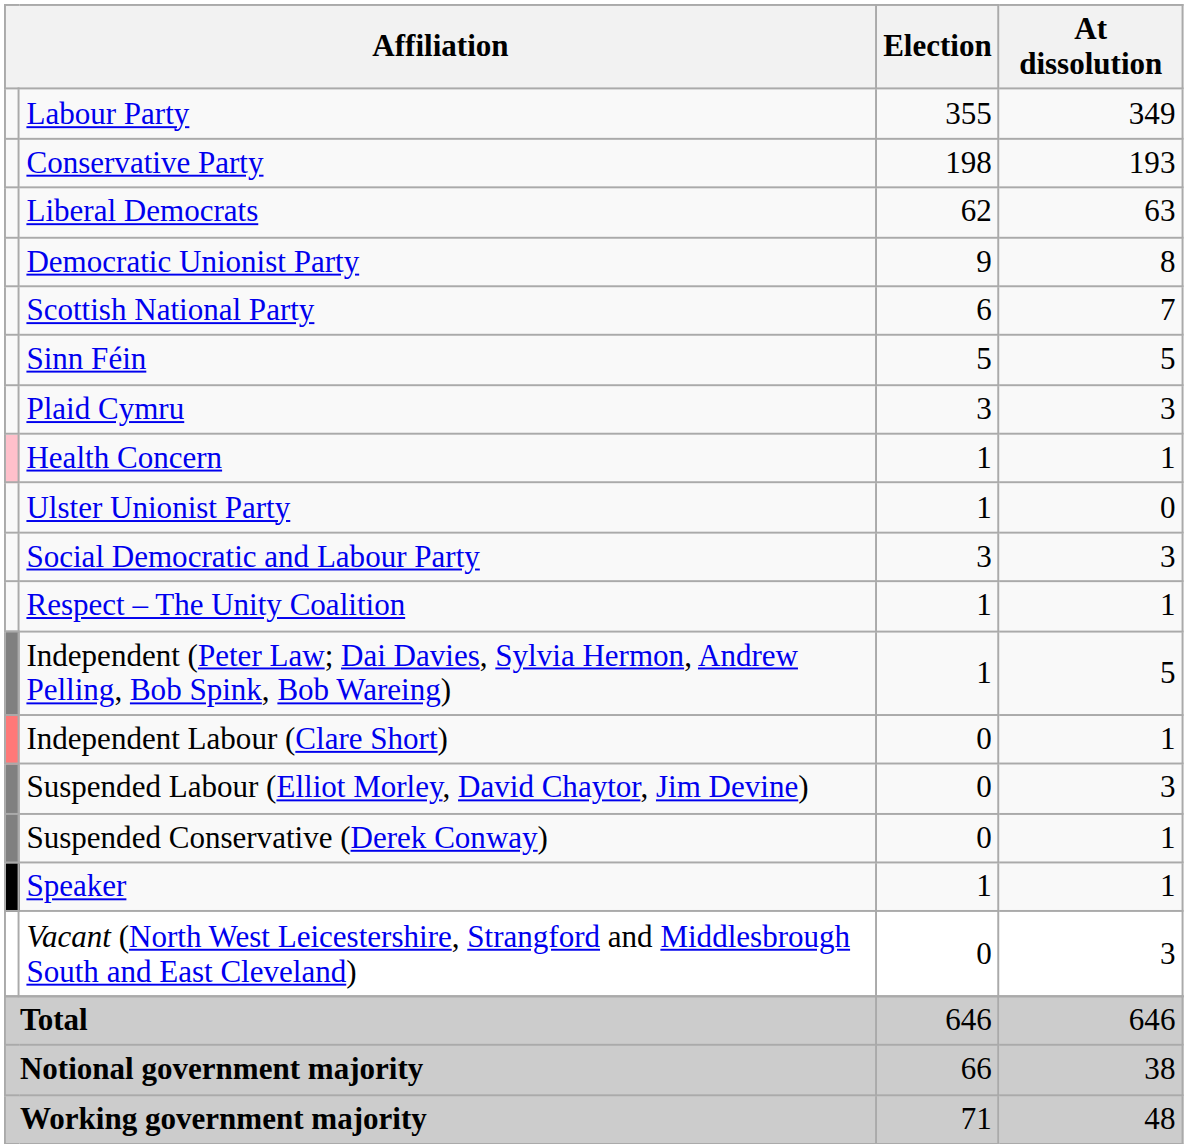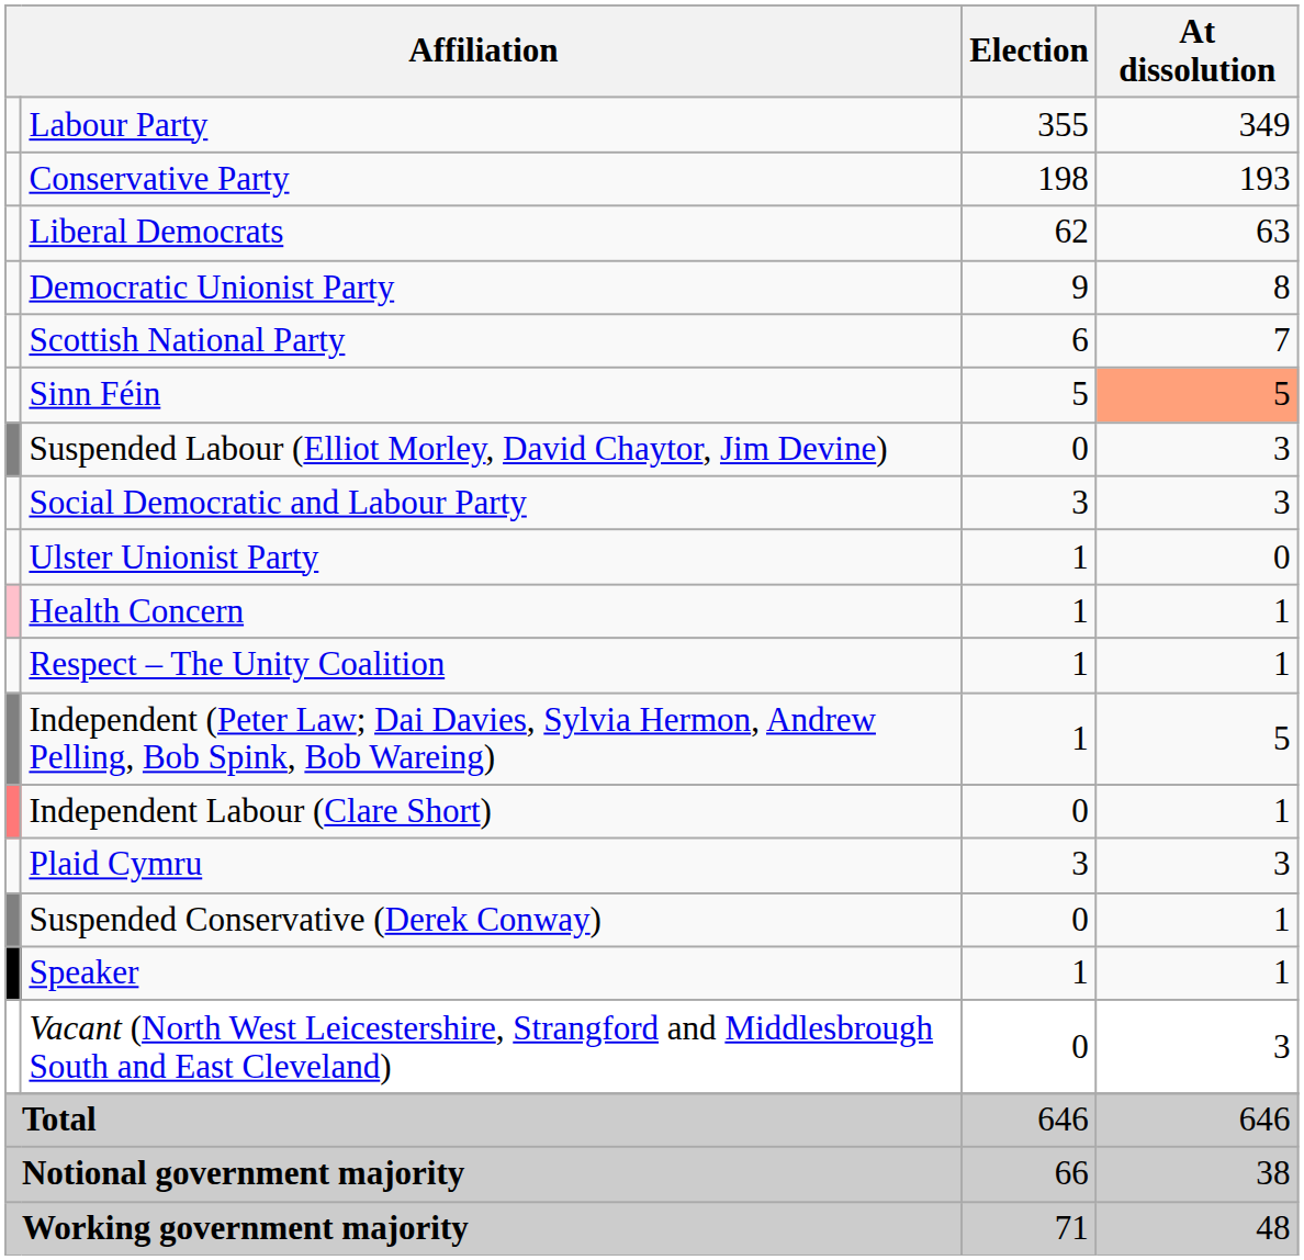 <table class="wikitable">
 <tr>
 <th colspan="2">Affiliation</th>
 <th>Election</th>
 <th>At dissolution</th>
 </tr>
 <tr>
 <td style="color:inherit;background:"></td>
 <td><a href='#'>Labour Party</a></td>
 <td align="right">355</td>
 <td align="right">349</td>
 </tr>
 <tr>
 <td style="color:inherit;background:"></td>
 <td><a href='#'>Conservative Party</a></td>
 <td align="right">198</td>
 <td align="right">193</td>
 </tr>
 <tr>
 <td style="color:inherit;background:"></td>
 <td><a href='#'>Liberal Democrats</a></td>
 <td align="right">62</td>
 <td align="right">63</td>
 </tr>
 <tr>
 <td style="color:inherit;background:"></td>
 <td><a href='#'>Democratic Unionist Party</a></td>
 <td align="right">9</td>
 <td align="right">8</td>
 </tr>
 <tr>
 <td style="color:inherit;background:"></td>
 <td><a href='#'>Scottish National Party</a></td>
 <td align="right">6</td>
 <td align="right">7</td>
 </tr>
 <tr>
 <td style="color:inherit;background:"></td>
 <td><a href='#'>Sinn Féin</a></td>
 <td align="right">5</td>
-<td align="right">5</td>
+<td align="right" style="background: lightsalmon;">5</td>
+</tr>
+<tr>
+<td bgcolor="grey"></td>
+<td>Suspended Labour (<a href='#'>Elliot Morley</a>, <a href='#'>David Chaytor</a>, <a href='#'>Jim Devine</a>)</td>
+<td align="right">0</td>
+<td align="right">3</td>
 </tr>
 <tr>
 <td style="color:inherit;background:"></td>
-<td><a href='#'>Plaid Cymru</a></td>
+<td><a href='#'>Social Democratic and Labour Party</a></td>
 <td align="right">3</td>
 <td align="right">3</td>
-</tr>
-<tr>
-<td style="color:inherit;background:#FFC0CB"></td>
-<td><a href='#'>Health Concern</a></td>
-<td align="right">1</td>
-<td align="right">1</td>
 </tr>
 <tr>
 <td style="color:inherit;background:"></td>
 <td><a href='#'>Ulster Unionist Party</a></td>
 <td align="right">1</td>
 <td align="right">0</td>
 </tr>
 <tr>
-<td style="color:inherit;background:"></td>
-<td><a href='#'>Social Democratic and Labour Party</a></td>
-<td align="right">3</td>
-<td align="right">3</td>
+<td style="color:inherit;background:#FFC0CB"></td>
+<td><a href='#'>Health Concern</a></td>
+<td align="right">1</td>
+<td align="right">1</td>
 </tr>
 <tr>
 <td style="color:inherit;background:"></td>
 <td><a href='#'>Respect – The Unity Coalition</a></td>
 <td align="right">1</td>
 <td align="right">1</td>
 </tr>
 <tr>
 <td bgcolor="grey"></td>
 <td>Independent (<a href='#'>Peter Law</a>; <a href='#'>Dai Davies</a>, <a href='#'>Sylvia Hermon</a>, <a href='#'>Andrew Pelling</a>, <a href='#'>Bob Spink</a>, <a href='#'>Bob Wareing</a>)</td>
 <td align="right">1</td>
 <td align="right">5</td>
 </tr>
 <tr>
 <td style="color:inherit;background:#FF7878"></td>
 <td>Independent Labour (<a href='#'>Clare Short</a>) </td>
 <td align="right">0</td>
 <td align="right">1</td>
 </tr>
 <tr>
-<td bgcolor="grey"></td>
-<td>Suspended Labour (<a href='#'>Elliot Morley</a>, <a href='#'>David Chaytor</a>, <a href='#'>Jim Devine</a>)</td>
-<td align="right">0</td>
+<td style="color:inherit;background:"></td>
+<td><a href='#'>Plaid Cymru</a></td>
+<td align="right">3</td>
 <td align="right">3</td>
 </tr>
 <tr>
 <td bgcolor="grey"></td>
 <td>Suspended Conservative (<a href='#'>Derek Conway</a>)</td>
 <td align="right">0</td>
 <td align="right">1</td>
 </tr>
 <tr>
 <td bgcolor="black"></td>
 <td><a href='#'>Speaker</a></td>
 <td align="right">1</td>
 <td align="right">1</td>
 </tr>
 <tr bgcolor="white">
 <td bgcolor="white"></td>
 <td><em>Vacant</em> (<a href='#'>North West Leicestershire</a>, <a href='#'>Strangford</a> and <a href='#'>Middlesbrough South and East Cleveland</a>)</td>
 <td align="right">0</td>
 <td align="right">3</td>
 </tr>
 <tr bgcolor="CCCCCC"  |- bgcolor="CCCCCC">
 </tr>
 <tr bgcolor="CCCCCC">
 <td colspan="2" rowspan="1"> <strong>Total</strong></td>
 <td align="right">646</td>
 <td align="right">646</td>
 </tr>
 <tr bgcolor="CCCCCC">
 <td colspan="2" rowspan="1"> <strong>Notional government majority</strong></td>
 <td align="right">66</td>
 <td align="right">38</td>
 </tr>
 <tr bgcolor="CCCCCC">
 <td colspan="2" rowspan="1"> <strong>Working government majority</strong></td>
 <td align="right">71</td>
 <td align="right">48</td>
 </tr>
 </table>
